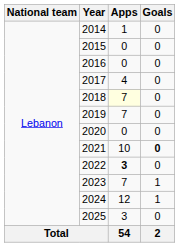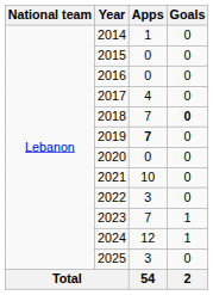 <table class="wikitable" style="text-align:center">
 <tr>
 <th>National team</th>
 <th>Year</th>
 <th>Apps</th>
 <th>Goals</th>
 </tr>
 <tr>
 <td rowspan="12"><a href='#'>Lebanon</a></td>
 <td>2014</td>
 <td>1</td>
 <td>0</td>
 </tr>
 <tr>
 <td>2015</td>
 <td>0</td>
 <td>0</td>
 </tr>
 <tr>
 <td>2016</td>
 <td>0</td>
 <td>0</td>
 </tr>
 <tr>
 <td>2017</td>
 <td>4</td>
 <td>0</td>
 </tr>
 <tr>
 <td>2018</td>
-<td style="background: lightyellow;">7</td>
-<td>0</td>
+<td>7</td>
+<td><strong>0</strong></td>
 </tr>
 <tr>
 <td>2019</td>
-<td>7</td>
+<td><strong>7</strong></td>
 <td>0</td>
 </tr>
 <tr>
 <td>2020</td>
 <td>0</td>
 <td>0</td>
 </tr>
 <tr>
 <td>2021</td>
 <td>10</td>
-<td><strong>0</strong></td>
+<td>0</td>
 </tr>
 <tr>
 <td>2022</td>
-<td><strong>3</strong></td>
+<td>3</td>
 <td>0</td>
 </tr>
 <tr>
 <td>2023</td>
 <td>7</td>
 <td>1</td>
 </tr>
 <tr>
 <td>2024</td>
 <td>12</td>
 <td>1</td>
 </tr>
 <tr>
 <td>2025</td>
 <td>3</td>
 <td>0</td>
 </tr>
 <tr>
 <th colspan="2">Total</th>
 <th>54</th>
 <th>2</th>
 </tr>
 </table>
